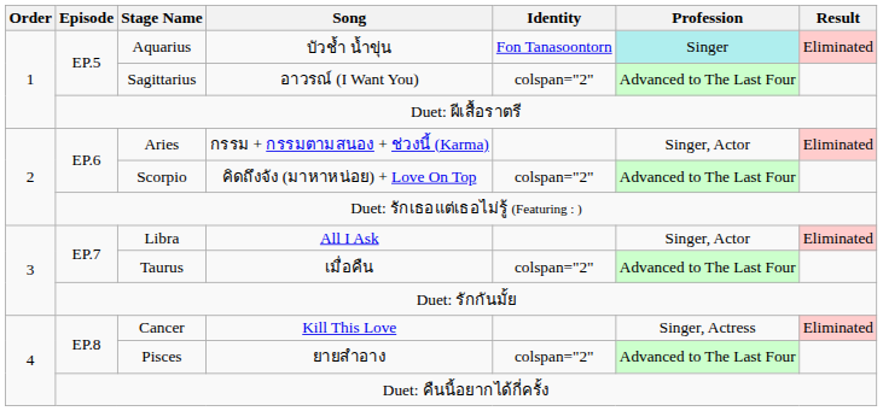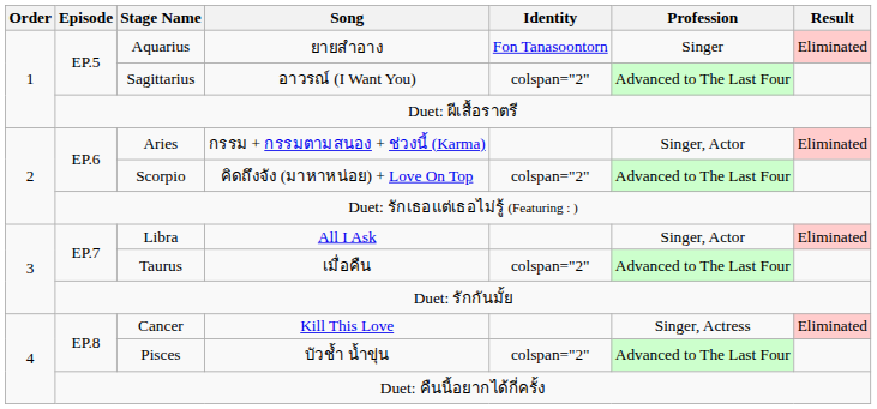 <table class="wikitable" style="text-align:center;">
 <tr>
 <th>Order</th>
 <th>Episode</th>
 <th>Stage Name</th>
 <th>Song</th>
 <th>Identity</th>
 <th>Profession</th>
 <th>Result</th>
 </tr>
 <tr>
 <td rowspan="3">1</td>
 <td rowspan="2">EP.5</td>
 <td>Aquarius</td>
-<td>บัวช้ำ น้ำขุ่น</td>
+<td>ยายสำอาง</td>
 <td style="text-align:center;"><a href='#'>Fon Tanasoontorn</a></td>
-<td style="background: paleturquoise; text-align:center;">Singer</td>
+<td style="text-align:center;">Singer</td>
 <td style="text-align:center; background:#ffcccc;">Eliminated</td>
 </tr>
 <tr>
 <td>Sagittarius</td>
 <td>อาวรณ์ (I Want You)</td>
 <td>colspan="2"  </td>
 <td style="text-align:center; background:#ccffcc;">Advanced to The Last Four</td>
 </tr>
 <tr>
 <td colspan="6">Duet: ผีเสื้อราตรี</td>
 </tr>
 <tr>
 <td rowspan="3">2</td>
 <td rowspan="2">EP.6</td>
 <td>Aries</td>
 <td>กรรม + <a href='#'>กรรมตามสนอง</a> + <a href='#'>ช่วงนี้ (Karma)</a></td>
 <td style="text-align:center;"></td>
 <td style="text-align:center;">Singer, Actor</td>
 <td style="text-align:center; background:#ffcccc;">Eliminated</td>
 </tr>
 <tr>
 <td>Scorpio</td>
 <td>คิดถึงจัง (มาหาหน่อย) + <a href='#'>Love On Top</a></td>
 <td>colspan="2"  </td>
 <td style="text-align:center; background:#ccffcc;">Advanced to The Last Four</td>
 </tr>
 <tr>
 <td colspan="6">Duet: รักเธอแต่เธอไม่รู้ <small>(Featuring : )</small></td>
 </tr>
 <tr>
 <td rowspan="3">3</td>
 <td rowspan="2">EP.7</td>
 <td>Libra</td>
 <td><a href='#'>All I Ask</a></td>
 <td style="text-align:center;"></td>
 <td style="text-align:center;">Singer, Actor</td>
 <td style="text-align:center; background:#ffcccc;">Eliminated</td>
 </tr>
 <tr>
 <td>Taurus</td>
 <td>เมื่อคืน</td>
 <td>colspan="2"  </td>
 <td style="text-align:center; background:#ccffcc;">Advanced to The Last Four</td>
 </tr>
 <tr>
 <td colspan="6">Duet: รักกันมั้ย</td>
 </tr>
 <tr>
 <td rowspan="3">4</td>
 <td rowspan="2">EP.8</td>
 <td>Cancer</td>
 <td><a href='#'>Kill This Love</a></td>
 <td style="text-align:center;"></td>
 <td style="text-align:center;">Singer, Actress</td>
 <td style="text-align:center; background:#ffcccc;">Eliminated</td>
 </tr>
 <tr>
 <td>Pisces</td>
-<td>ยายสำอาง</td>
+<td>บัวช้ำ น้ำขุ่น</td>
 <td>colspan="2"  </td>
 <td style="text-align:center; background:#ccffcc;">Advanced to The Last Four</td>
 </tr>
 <tr>
 <td colspan="6">Duet: คืนนี้อยากได้กี่ครั้ง</td>
 </tr>
 </table>
